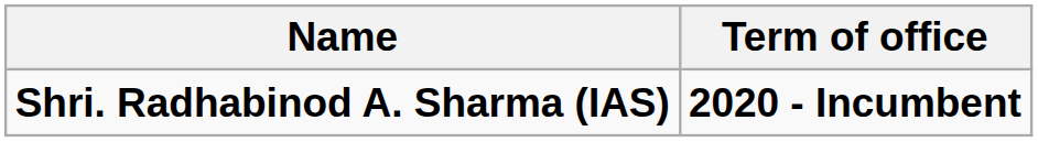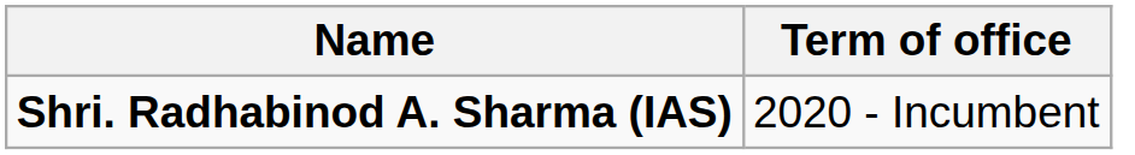 <table class="wikitable">
 <tr>
 <th>Name</th>
 <th>Term of office</th>
 </tr>
 <tr>
 <td><strong>Shri. Radhabinod A. Sharma (IAS)</strong></td>
-<td><strong>2020 - Incumbent</strong></td>
+<td>2020 - Incumbent</td>
 </tr>
 </table>
